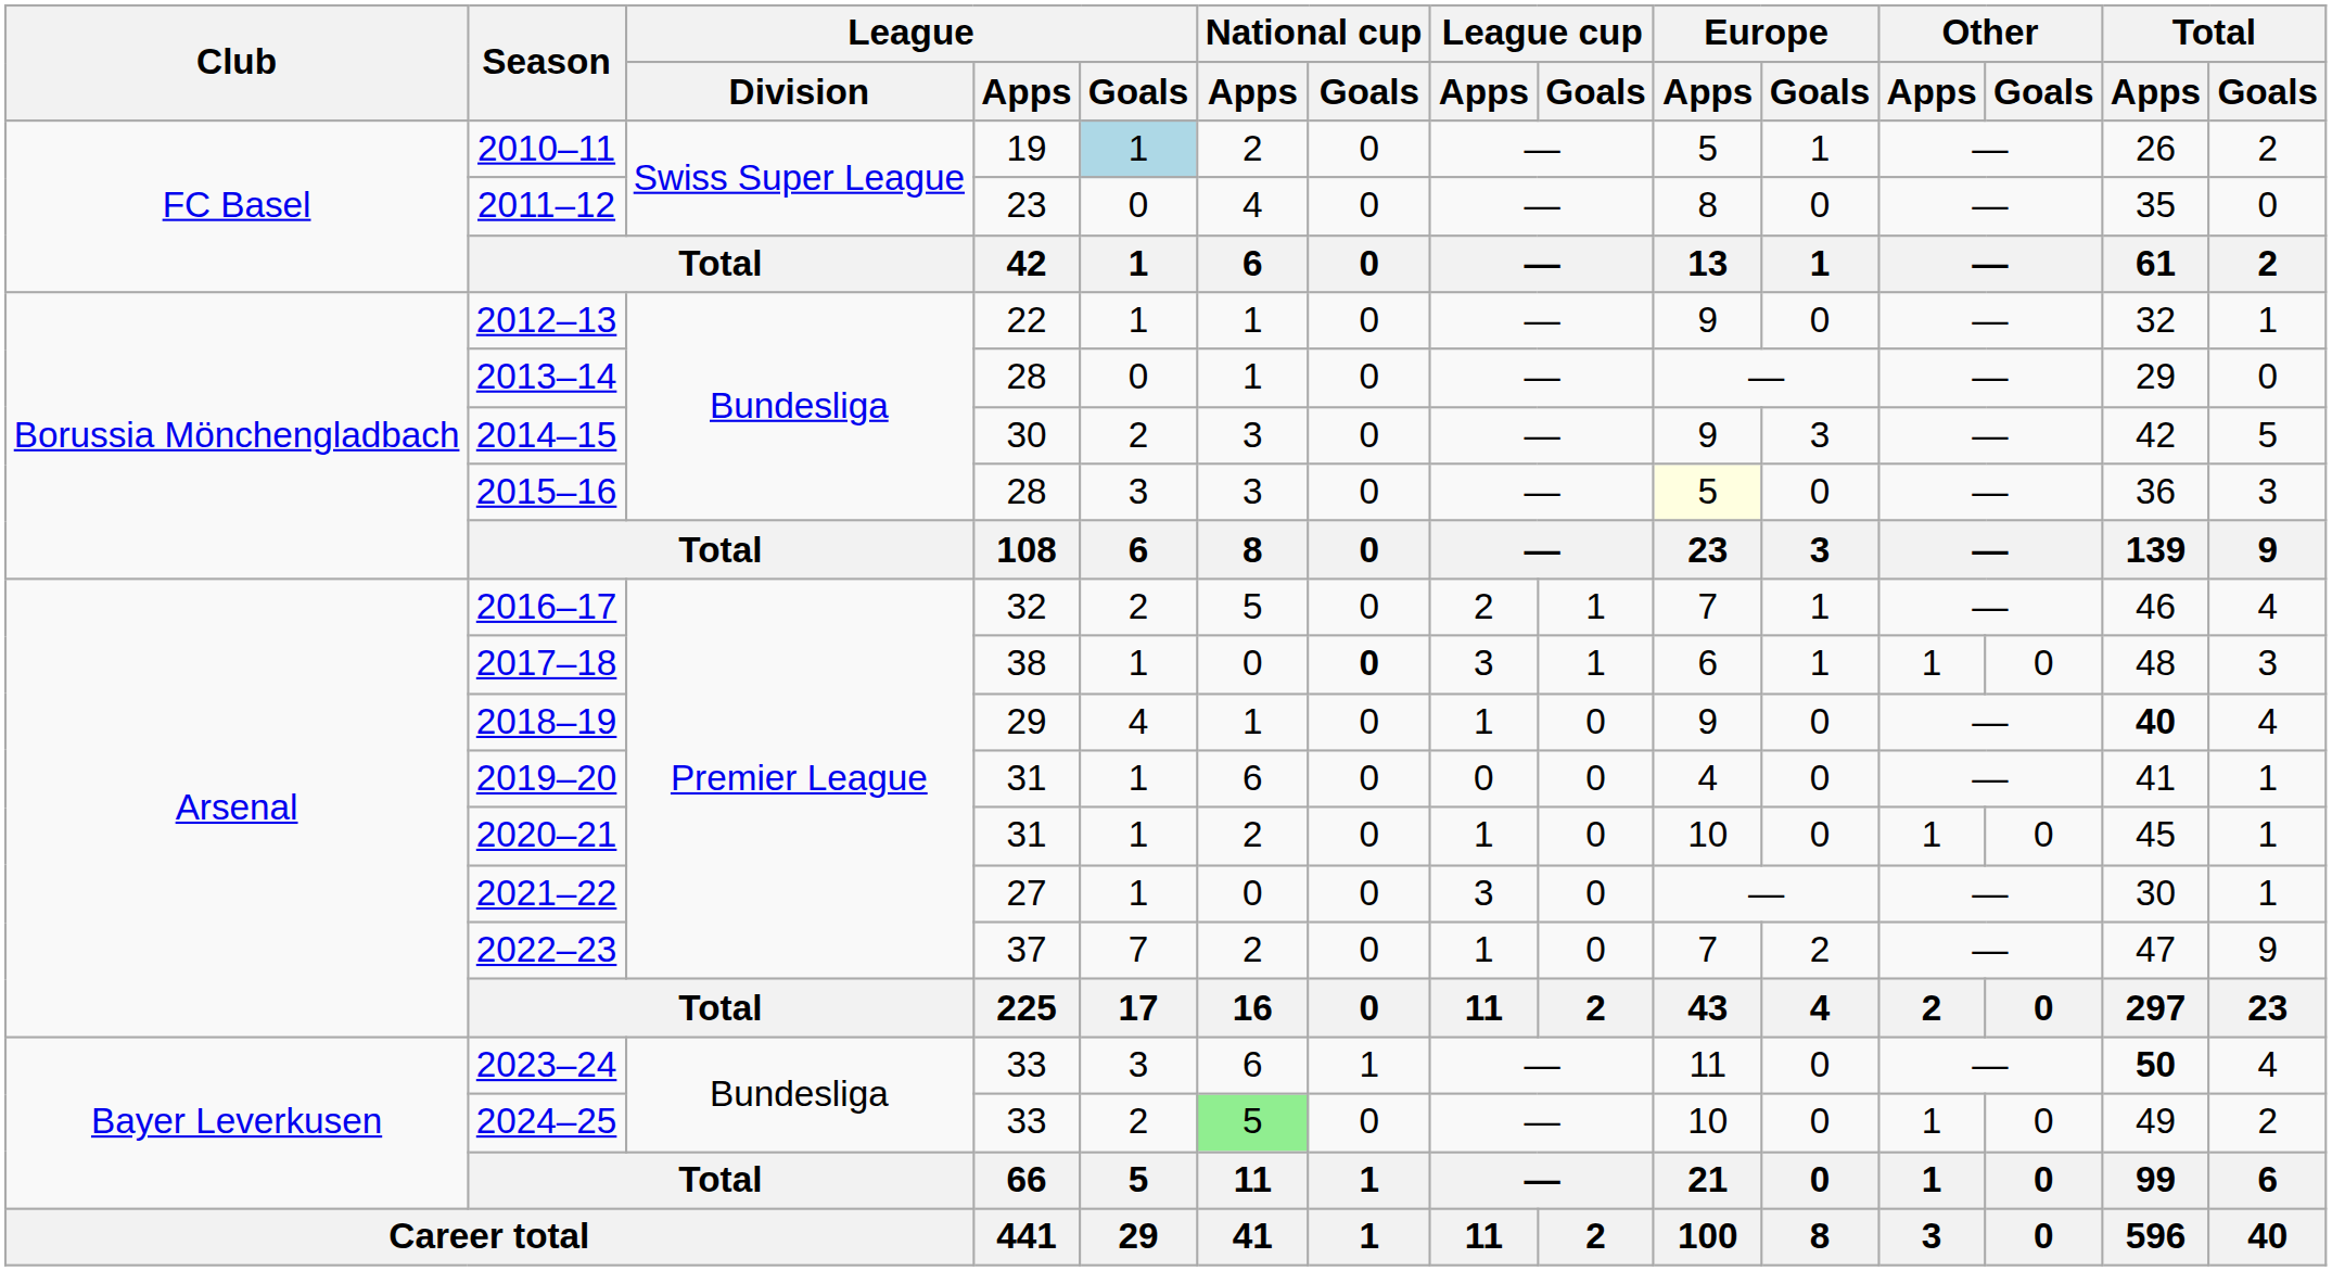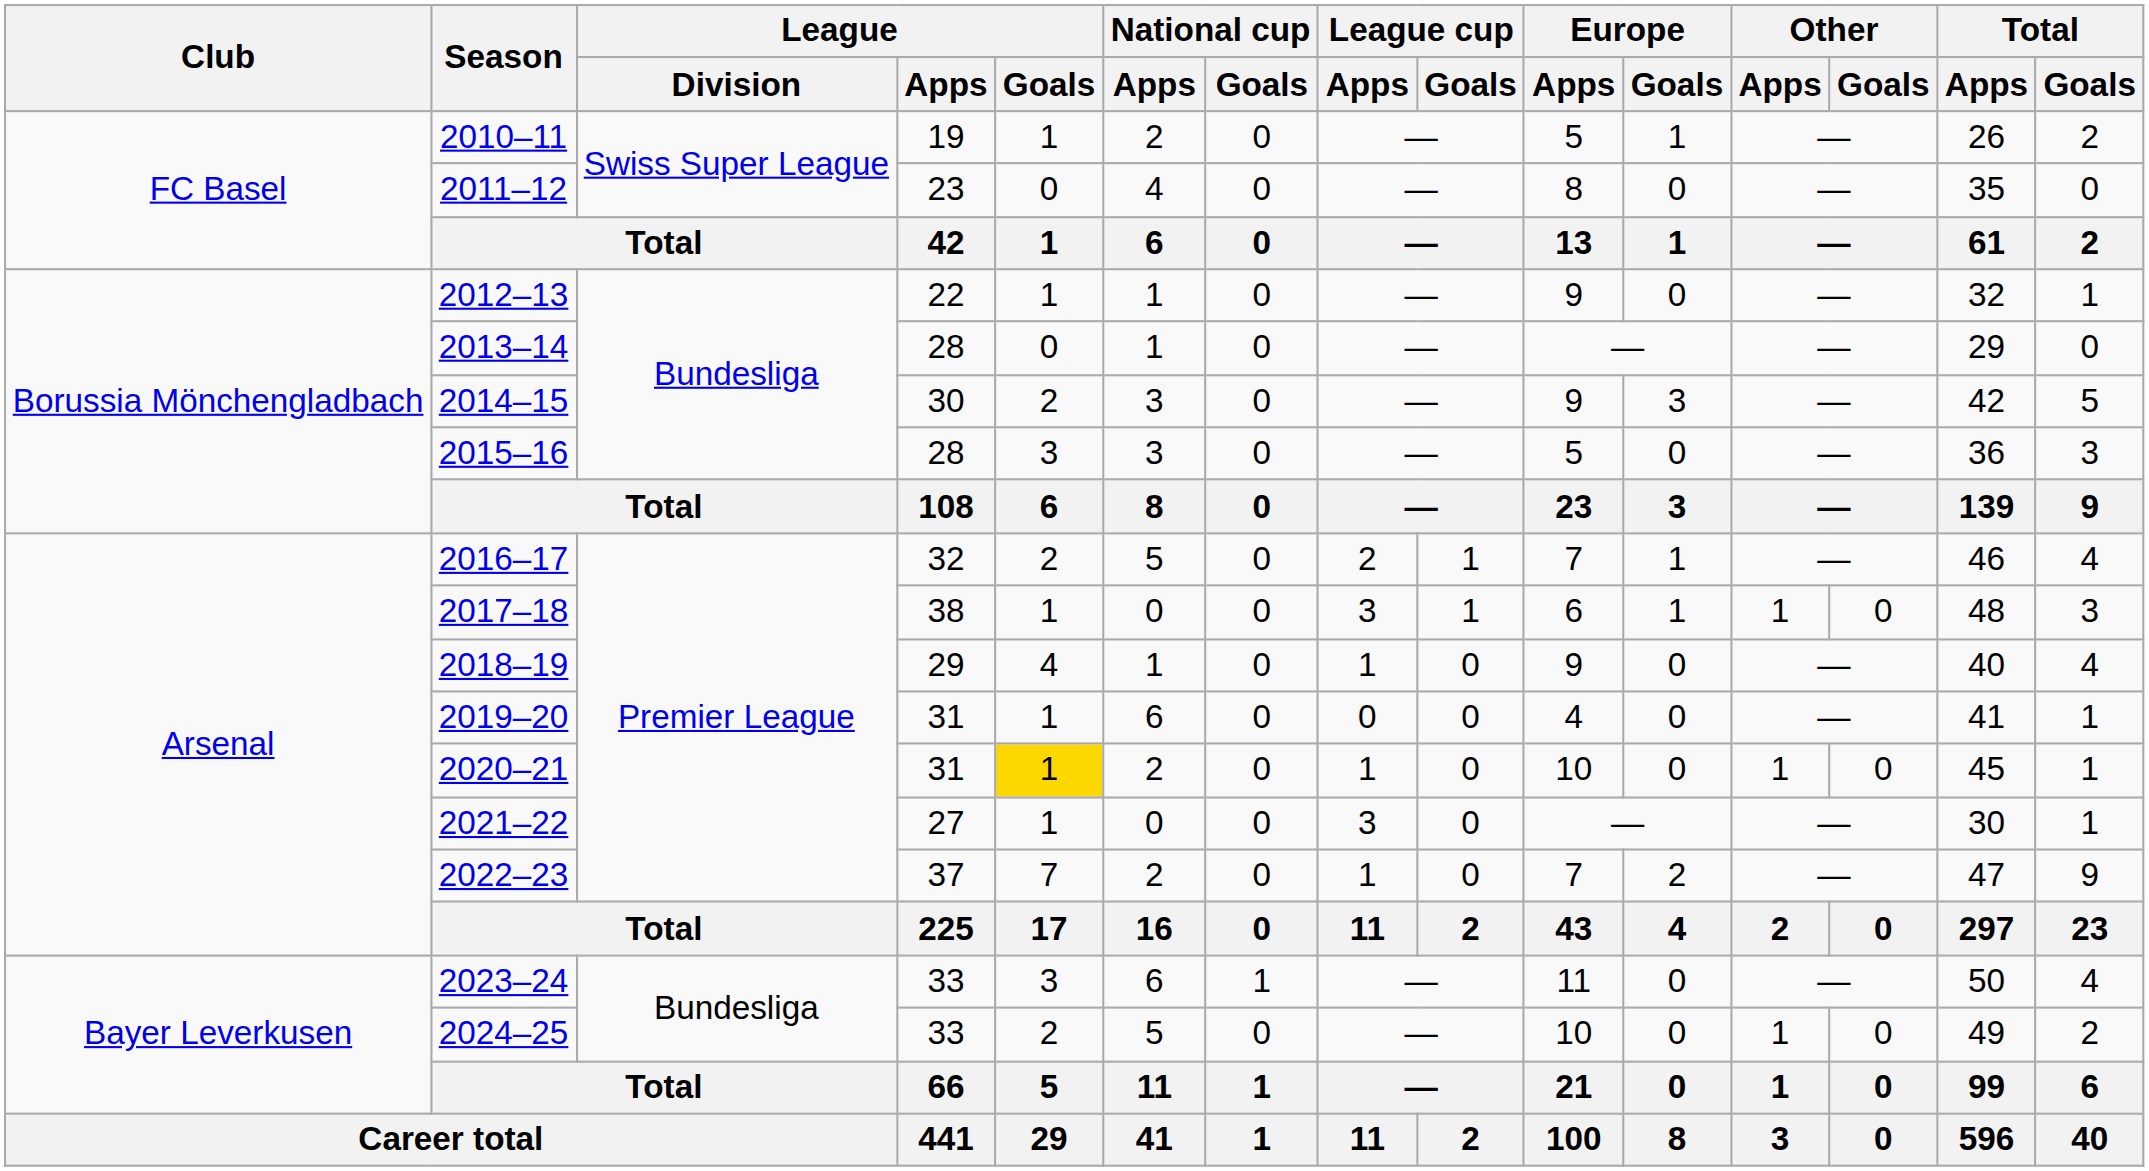 <table class="wikitable" style="text-align: center;">
 <tr>
 <th rowspan="2">Club</th>
 <th rowspan="2">Season</th>
 <th colspan="3">League</th>
 <th colspan="2">National cup</th>
 <th colspan="2">League cup</th>
 <th colspan="2">Europe</th>
 <th colspan="2">Other</th>
 <th colspan="2">Total</th>
 </tr>
 <tr>
 <th>Division</th>
 <th>Apps</th>
 <th>Goals</th>
 <th>Apps</th>
 <th>Goals</th>
 <th>Apps</th>
 <th>Goals</th>
 <th>Apps</th>
 <th>Goals</th>
 <th>Apps</th>
 <th>Goals</th>
 <th>Apps</th>
 <th>Goals</th>
 </tr>
 <tr>
 <td rowspan="3"><a href='#'>FC Basel</a></td>
 <td><a href='#'>2010–11</a></td>
 <td rowspan="2"><a href='#'>Swiss Super League</a></td>
 <td>19</td>
-<td style="background: lightblue;">1</td>
+<td>1</td>
 <td>2</td>
 <td>0</td>
 <td colspan="2">—</td>
 <td>5</td>
 <td>1</td>
 <td colspan="2">—</td>
 <td>26</td>
 <td>2</td>
 </tr>
 <tr>
 <td><a href='#'>2011–12</a></td>
 <td>23</td>
 <td>0</td>
 <td>4</td>
 <td>0</td>
 <td colspan="2">—</td>
 <td>8</td>
 <td>0</td>
 <td colspan="2">—</td>
 <td>35</td>
 <td>0</td>
 </tr>
 <tr>
 <th colspan="2">Total</th>
 <th>42</th>
 <th>1</th>
 <th>6</th>
 <th>0</th>
 <th colspan="2">—</th>
 <th>13</th>
 <th>1</th>
 <th colspan="2">—</th>
 <th>61</th>
 <th>2</th>
 </tr>
 <tr>
 <td rowspan="5"><a href='#'>Borussia Mönchengladbach</a></td>
 <td><a href='#'>2012–13</a></td>
 <td rowspan="4"><a href='#'>Bundesliga</a></td>
 <td>22</td>
 <td>1</td>
 <td>1</td>
 <td>0</td>
 <td colspan="2">—</td>
 <td>9</td>
 <td>0</td>
 <td colspan="2">—</td>
 <td>32</td>
 <td>1</td>
 </tr>
 <tr>
 <td><a href='#'>2013–14</a></td>
 <td>28</td>
 <td>0</td>
 <td>1</td>
 <td>0</td>
 <td colspan="2">—</td>
 <td colspan="2">—</td>
 <td colspan="2">—</td>
 <td>29</td>
 <td>0</td>
 </tr>
 <tr>
 <td><a href='#'>2014–15</a></td>
 <td>30</td>
 <td>2</td>
 <td>3</td>
 <td>0</td>
 <td colspan="2">—</td>
 <td>9</td>
 <td>3</td>
 <td colspan="2">—</td>
 <td>42</td>
 <td>5</td>
 </tr>
 <tr>
 <td><a href='#'>2015–16</a></td>
 <td>28</td>
 <td>3</td>
 <td>3</td>
 <td>0</td>
 <td colspan="2">—</td>
-<td style="background: lightyellow;">5</td>
+<td>5</td>
 <td>0</td>
 <td colspan="2">—</td>
 <td>36</td>
 <td>3</td>
 </tr>
 <tr>
 <th colspan="2">Total</th>
 <th>108</th>
 <th>6</th>
 <th>8</th>
 <th>0</th>
 <th colspan="2">—</th>
 <th>23</th>
 <th>3</th>
 <th colspan="2">—</th>
 <th>139</th>
 <th>9</th>
 </tr>
 <tr>
 <td rowspan="8"><a href='#'>Arsenal</a></td>
 <td><a href='#'>2016–17</a></td>
 <td rowspan="7"><a href='#'>Premier League</a></td>
 <td>32</td>
 <td>2</td>
 <td>5</td>
 <td>0</td>
 <td>2</td>
 <td>1</td>
 <td>7</td>
 <td>1</td>
 <td colspan="2">—</td>
 <td>46</td>
 <td>4</td>
 </tr>
 <tr>
 <td><a href='#'>2017–18</a></td>
 <td>38</td>
 <td>1</td>
 <td>0</td>
-<td><strong>0</strong></td>
+<td>0</td>
 <td>3</td>
 <td>1</td>
 <td>6</td>
 <td>1</td>
 <td>1</td>
 <td>0</td>
 <td>48</td>
 <td>3</td>
 </tr>
 <tr>
 <td><a href='#'>2018–19</a></td>
 <td>29</td>
 <td>4</td>
 <td>1</td>
 <td>0</td>
 <td>1</td>
 <td>0</td>
 <td>9</td>
 <td>0</td>
 <td colspan="2">—</td>
-<td><strong>40</strong></td>
+<td>40</td>
 <td>4</td>
 </tr>
 <tr>
 <td><a href='#'>2019–20</a></td>
 <td>31</td>
 <td>1</td>
 <td>6</td>
 <td>0</td>
 <td>0</td>
 <td>0</td>
 <td>4</td>
 <td>0</td>
 <td colspan="2">—</td>
 <td>41</td>
 <td>1</td>
 </tr>
 <tr>
 <td><a href='#'>2020–21</a></td>
 <td>31</td>
-<td>1</td>
+<td style="background: gold;">1</td>
 <td>2</td>
 <td>0</td>
 <td>1</td>
 <td>0</td>
 <td>10</td>
 <td>0</td>
 <td>1</td>
 <td>0</td>
 <td>45</td>
 <td>1</td>
 </tr>
 <tr>
 <td><a href='#'>2021–22</a></td>
 <td>27</td>
 <td>1</td>
 <td>0</td>
 <td>0</td>
 <td>3</td>
 <td>0</td>
 <td colspan="2">—</td>
 <td colspan="2">—</td>
 <td>30</td>
 <td>1</td>
 </tr>
 <tr>
 <td><a href='#'>2022–23</a></td>
 <td>37</td>
 <td>7</td>
 <td>2</td>
 <td>0</td>
 <td>1</td>
 <td>0</td>
 <td>7</td>
 <td>2</td>
 <td colspan="2">—</td>
 <td>47</td>
 <td>9</td>
 </tr>
 <tr>
 <th colspan="2">Total</th>
 <th>225</th>
 <th>17</th>
 <th>16</th>
 <th>0</th>
 <th>11</th>
 <th>2</th>
 <th>43</th>
 <th>4</th>
 <th>2</th>
 <th>0</th>
 <th>297</th>
 <th>23</th>
 </tr>
 <tr>
 <td rowspan="3"><a href='#'>Bayer Leverkusen</a></td>
 <td><a href='#'>2023–24</a></td>
 <td rowspan="2">Bundesliga</td>
 <td>33</td>
 <td>3</td>
 <td>6</td>
 <td>1</td>
 <td colspan="2">—</td>
 <td>11</td>
 <td>0</td>
 <td colspan="2">—</td>
-<td><strong>50</strong></td>
+<td>50</td>
 <td>4</td>
 </tr>
 <tr>
 <td><a href='#'>2024–25</a></td>
 <td>33</td>
 <td>2</td>
-<td style="background: lightgreen;">5</td>
+<td>5</td>
 <td>0</td>
 <td colspan="2">—</td>
 <td>10</td>
 <td>0</td>
 <td>1</td>
 <td>0</td>
 <td>49</td>
 <td>2</td>
 </tr>
 <tr>
 <th colspan="2">Total</th>
 <th>66</th>
 <th>5</th>
 <th>11</th>
 <th>1</th>
 <th colspan="2">—</th>
 <th>21</th>
 <th>0</th>
 <th>1</th>
 <th>0</th>
 <th>99</th>
 <th>6</th>
 </tr>
 <tr>
 <th colspan="3">Career total</th>
 <th>441</th>
 <th>29</th>
 <th>41</th>
 <th>1</th>
 <th>11</th>
 <th>2</th>
 <th>100</th>
 <th>8</th>
 <th>3</th>
 <th>0</th>
 <th>596</th>
 <th>40</th>
 </tr>
 </table>
